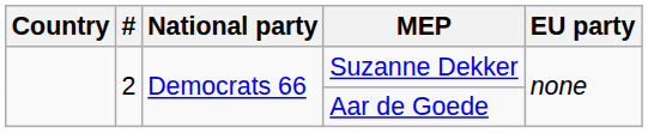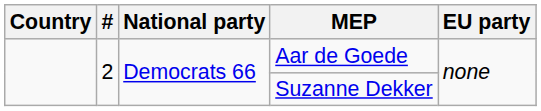 <table class="wikitable sortable mw-collapsible mw-collapsed" style="font-size:90%">
 <tr>
 <th>Country</th>
 <th colspan=2>#</th>
 <th>National party</th>
 <th>MEP</th>
 <th>EU party</th>
 </tr>
 <tr>
 <td rowspan=2></td>
 <td rowspan=2 colspan=2>2</td>
 <td rowspan=2><a href='#'>Democrats 66</a></td>
-<td><a href='#'>Suzanne Dekker</a></td>
+<td><a href='#'>Aar de Goede</a></td>
 <td rowspan=2 colspan=2><em>none</em></td>
 </tr>
 <tr>
-<td><a href='#'>Aar de Goede</a></td>
+<td><a href='#'>Suzanne Dekker</a></td>
 </tr>
 </table>
